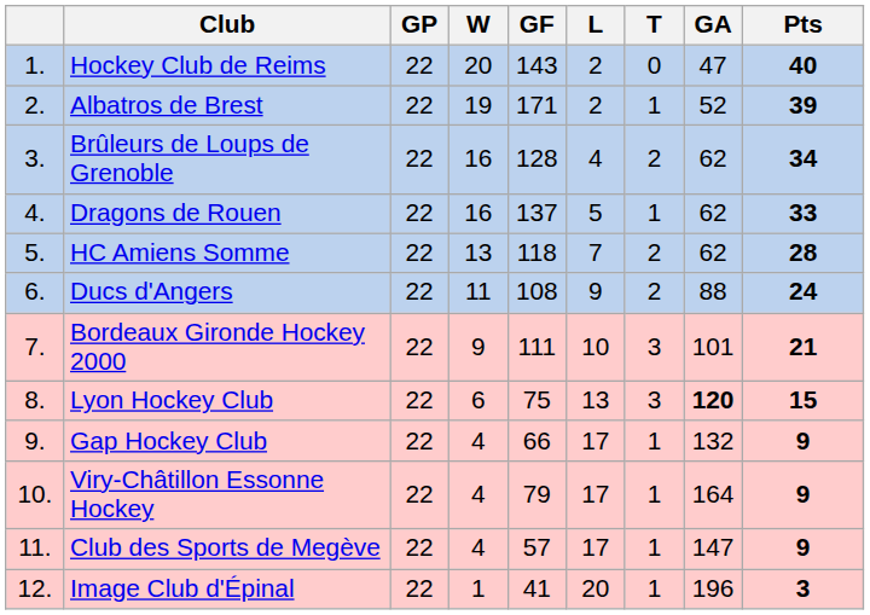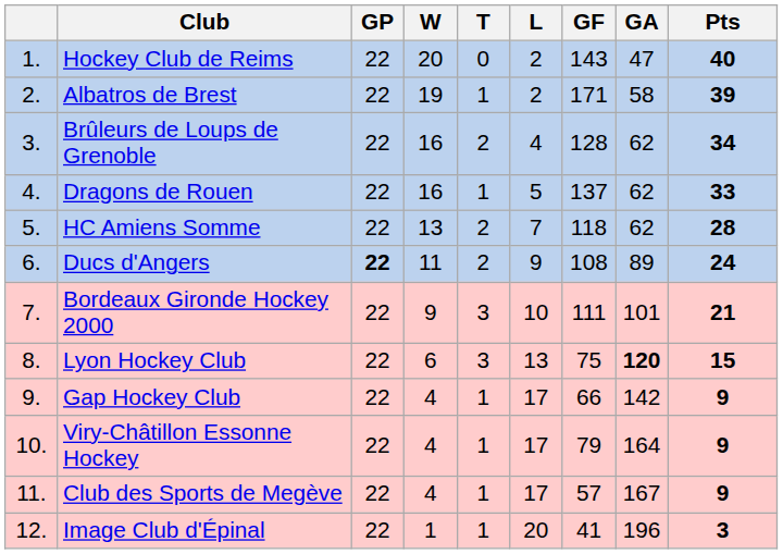 <table class="wikitable">
 <tr>
 <th width="30"></th>
 <th width="200">Club</th>
 <th width="30">GP</th>
 <th width="30">W</th>
+<th width="30">T</th>
+<th width="30">L</th>
 <th width="30">GF</th>
-<th width="30">L</th>
-<th width="30">T</th>
 <th width="30">GA</th>
 <th width="70">Pts</th>
 </tr>
 <tr bgcolor="#BCD2EE" align="center">
 <td>1.</td>
 <td align="left"><a href='#'>Hockey Club de Reims</a></td>
 <td>22</td>
 <td>20</td>
+<td>0</td>
+<td>2</td>
 <td>143</td>
-<td>2</td>
-<td>0</td>
 <td>47</td>
 <td><strong>40</strong></td>
 </tr>
 <tr bgcolor="#BCD2EE" align="center">
 <td>2.</td>
 <td align="left"><a href='#'>Albatros de Brest</a></td>
 <td>22</td>
 <td>19</td>
+<td>1</td>
+<td>2</td>
 <td>171</td>
-<td>2</td>
-<td>1</td>
-<td>52</td>
+<td>58</td>
 <td><strong>39</strong></td>
 </tr>
 <tr bgcolor="#BCD2EE" align="center">
 <td>3.</td>
 <td align="left"><a href='#'>Brûleurs de Loups de Grenoble</a></td>
 <td>22</td>
 <td>16</td>
+<td>2</td>
+<td>4</td>
 <td>128</td>
-<td>4</td>
-<td>2</td>
 <td>62</td>
 <td><strong>34</strong></td>
 </tr>
 <tr bgcolor="#BCD2EE" align="center">
 <td>4.</td>
 <td align="left"><a href='#'>Dragons de Rouen</a></td>
 <td>22</td>
 <td>16</td>
+<td>1</td>
+<td>5</td>
 <td>137</td>
-<td>5</td>
-<td>1</td>
 <td>62</td>
 <td><strong>33</strong></td>
 </tr>
 <tr bgcolor="#BCD2EE" align="center">
 <td>5.</td>
 <td align="left"><a href='#'>HC Amiens Somme</a></td>
 <td>22</td>
 <td>13</td>
+<td>2</td>
+<td>7</td>
 <td>118</td>
-<td>7</td>
-<td>2</td>
 <td>62</td>
 <td><strong>28</strong></td>
 </tr>
 <tr bgcolor="#BCD2EE" align="center">
 <td>6.</td>
 <td align="left"><a href='#'>Ducs d'Angers</a></td>
-<td>22</td>
+<td><strong>22</strong></td>
 <td>11</td>
+<td>2</td>
+<td>9</td>
 <td>108</td>
-<td>9</td>
-<td>2</td>
-<td>88</td>
+<td>89</td>
 <td><strong>24</strong></td>
 </tr>
 <tr bgcolor="#FFCCCC" align="center">
 <td>7.</td>
 <td align="left"><a href='#'>Bordeaux Gironde Hockey 2000</a></td>
 <td>22</td>
 <td>9</td>
+<td>3</td>
+<td>10</td>
 <td>111</td>
-<td>10</td>
-<td>3</td>
 <td>101</td>
 <td><strong>21</strong></td>
 </tr>
 <tr bgcolor="#FFCCCC" align="center">
 <td>8.</td>
 <td align="left"><a href='#'>Lyon Hockey Club</a></td>
 <td>22</td>
 <td>6</td>
+<td>3</td>
+<td>13</td>
 <td>75</td>
-<td>13</td>
-<td>3</td>
 <td><strong>120</strong></td>
 <td><strong>15</strong></td>
 </tr>
 <tr bgcolor="#FFCCCC" align="center">
 <td>9.</td>
 <td align="left"><a href='#'>Gap Hockey Club</a></td>
 <td>22</td>
 <td>4</td>
+<td>1</td>
+<td>17</td>
 <td>66</td>
-<td>17</td>
-<td>1</td>
-<td>132</td>
+<td>142</td>
 <td><strong>9</strong></td>
 </tr>
 <tr bgcolor="#FFCCCC" align="center">
 <td>10.</td>
 <td align="left"><a href='#'>Viry-Châtillon Essonne Hockey&lrm;</a></td>
 <td>22</td>
 <td>4</td>
+<td>1</td>
+<td>17</td>
 <td>79</td>
-<td>17</td>
-<td>1</td>
 <td>164</td>
 <td><strong>9</strong></td>
 </tr>
 <tr bgcolor="#FFCCCC" align="center">
 <td>11.</td>
 <td align="left"><a href='#'>Club des Sports de Megève</a></td>
 <td>22</td>
 <td>4</td>
+<td>1</td>
+<td>17</td>
 <td>57</td>
-<td>17</td>
-<td>1</td>
-<td>147</td>
+<td>167</td>
 <td><strong>9</strong></td>
 </tr>
 <tr bgcolor="#FFCCCC" align="center">
 <td>12.</td>
 <td align="left"><a href='#'>Image Club d'Épinal</a></td>
 <td>22</td>
 <td>1</td>
+<td>1</td>
+<td>20</td>
 <td>41</td>
-<td>20</td>
-<td>1</td>
 <td>196</td>
 <td><strong>3</strong></td>
 </tr>
 </table>
